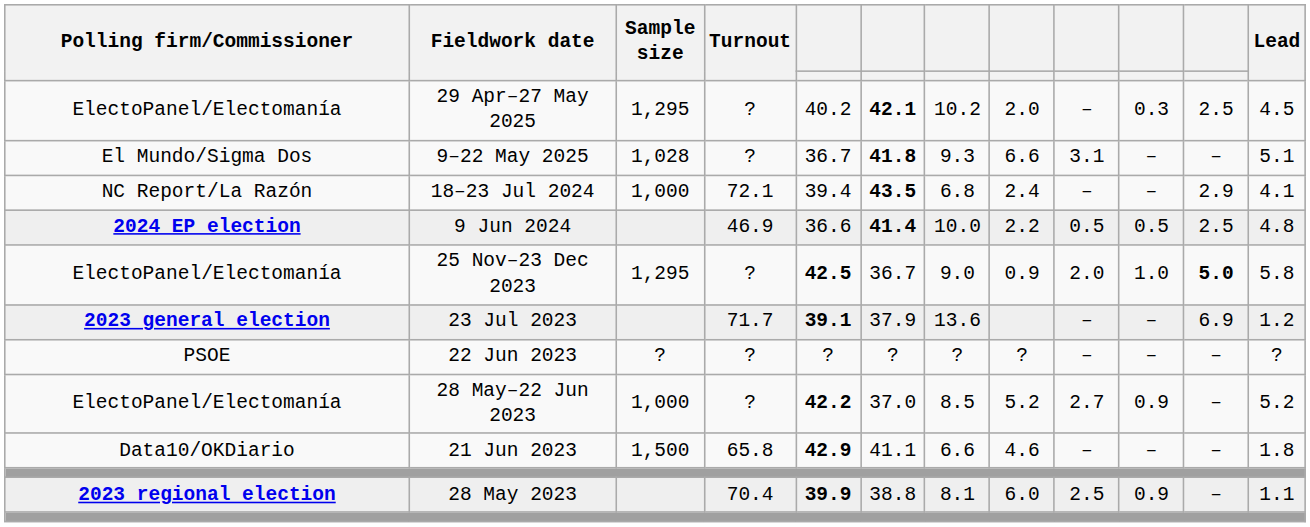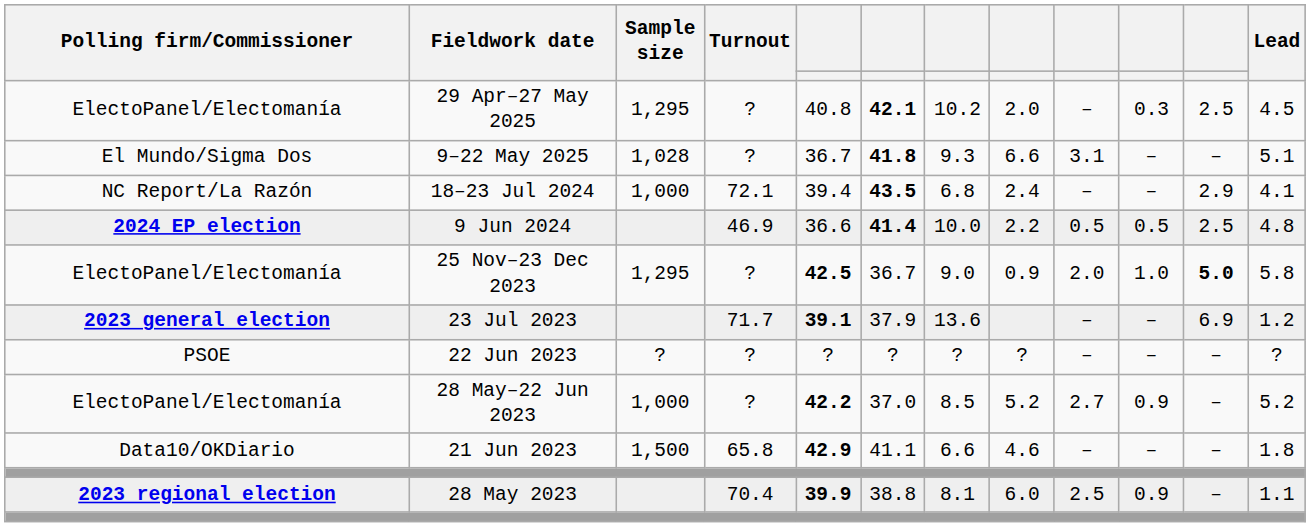 <table class="wikitable collapsible" style="text-align:center; font-size:95%; line-height:16px;">
 <tr style="height:42px;">
 <th style="width:250px;" rowspan="2">Polling firm/Commissioner</th>
 <th style="width:125px;" rowspan="2">Fieldwork date</th>
 <th style="width:50px;" rowspan="2">Sample size</th>
 <th style="width:45px;" rowspan="2">Turnout</th>
 <th style="width:35px;"></th>
 <th style="width:35px;"></th>
 <th style="width:35px;"></th>
 <th style="width:35px;"><br></th>
 <th style="width:35px;"></th>
 <th style="width:35px;"></th>
 <th style="width:35px;"></th>
 <th style="width:30px;" rowspan="2">Lead</th>
 </tr>
 <tr>
 <th style="color:inherit;background:"></th>
 <th style="color:inherit;background:"></th>
 <th style="color:inherit;background:"></th>
 <th style="color:inherit;background:"></th>
 <th style="color:inherit;background:"></th>
 <th style="color:inherit;background:"></th>
 <th style="color:inherit;background:"></th>
 </tr>
 <tr>
 <td>ElectoPanel/Electomanía</td>
 <td>29 Apr–27 May 2025</td>
 <td>1,295</td>
 <td>?</td>
-<td>40.2<br></td>
+<td>40.8<br></td>
 <td><strong>42.1</strong><br></td>
 <td>10.2<br></td>
 <td>2.0<br></td>
 <td>–</td>
 <td>0.3<br></td>
 <td>2.5<br></td>
 <td style="background:">4.5</td>
 </tr>
 <tr>
 <td>El Mundo/Sigma Dos</td>
 <td>9–22 May 2025</td>
 <td>1,028</td>
 <td>?</td>
 <td>36.7<br></td>
 <td><strong>41.8</strong><br></td>
 <td>9.3<br></td>
 <td>6.6<br></td>
 <td>3.1<br></td>
 <td>–</td>
 <td>–</td>
 <td style="background:">5.1</td>
 </tr>
 <tr>
 <td>NC Report/La Razón</td>
 <td>18–23 Jul 2024</td>
 <td>1,000</td>
 <td>72.1</td>
 <td>39.4<br></td>
 <td><strong>43.5</strong><br></td>
 <td>6.8<br></td>
 <td>2.4<br></td>
 <td>–</td>
 <td>–</td>
 <td>2.9<br></td>
 <td style="background:">4.1</td>
 </tr>
 <tr style="background:#EFEFEF;">
 <td><strong><a href='#'>2024 EP election</a></strong></td>
 <td>9 Jun 2024</td>
 <td></td>
 <td>46.9</td>
 <td>36.6<br></td>
 <td><strong>41.4</strong><br></td>
 <td>10.0<br></td>
 <td>2.2<br></td>
 <td>0.5<br></td>
 <td>0.5<br></td>
 <td>2.5<br></td>
 <td style="background:">4.8</td>
 </tr>
 <tr>
 <td>ElectoPanel/Electomanía</td>
 <td>25 Nov–23 Dec 2023</td>
 <td>1,295</td>
 <td>?</td>
 <td><strong>42.5</strong><br></td>
 <td>36.7<br></td>
 <td>9.0<br></td>
 <td>0.9<br></td>
 <td>2.0<br></td>
 <td>1.0<br></td>
 <td><strong>5.0<br></strong></td>
 <td style="background:">5.8</td>
 </tr>
 <tr style="background:#EFEFEF;">
 <td><strong><a href='#'>2023 general election</a></strong></td>
 <td>23 Jul 2023</td>
 <td></td>
 <td>71.7</td>
 <td><strong>39.1</strong><br></td>
 <td>37.9<br></td>
 <td>13.6<br></td>
 <td></td>
 <td>–</td>
 <td>–</td>
 <td>6.9<br></td>
 <td style="background:">1.2</td>
 </tr>
 <tr>
 <td>PSOE</td>
 <td>22 Jun 2023</td>
 <td>?</td>
 <td>?</td>
 <td>?<br></td>
 <td>?<br></td>
 <td>?<br></td>
 <td>?<br></td>
 <td>–</td>
 <td>–</td>
 <td>–</td>
 <td style="background:">?</td>
 </tr>
 <tr>
 <td>ElectoPanel/Electomanía</td>
 <td>28 May–22 Jun 2023</td>
 <td>1,000</td>
 <td>?</td>
 <td><strong>42.2</strong><br></td>
 <td>37.0<br></td>
 <td>8.5<br></td>
 <td>5.2<br></td>
 <td>2.7<br></td>
 <td>0.9<br></td>
 <td>–</td>
 <td style="background:">5.2</td>
 </tr>
 <tr>
 <td>Data10/OKDiario</td>
 <td>21 Jun 2023</td>
 <td>1,500</td>
 <td>65.8</td>
 <td><strong>42.9</strong><br></td>
 <td>41.1<br></td>
 <td>6.6<br></td>
 <td>4.6<br></td>
 <td>–</td>
 <td>–</td>
 <td>–</td>
 <td style="background:">1.8</td>
 </tr>
 <tr>
 <td colspan="12" style="background:#A0A0A0"></td>
 </tr>
 <tr style="background:#EFEFEF;">
 <td><strong><a href='#'>2023 regional election</a></strong></td>
 <td>28 May 2023</td>
 <td></td>
 <td>70.4</td>
 <td><strong>39.9</strong><br></td>
 <td>38.8<br></td>
 <td>8.1<br></td>
 <td>6.0<br></td>
 <td>2.5<br></td>
 <td>0.9<br></td>
 <td>–</td>
 <td style="background:">1.1</td>
 </tr>
 <tr>
 <td colspan="12" style="background:#A0A0A0"></td>
 </tr>
 </table>
